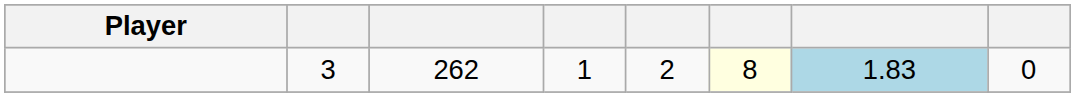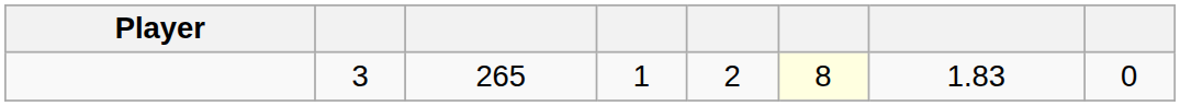 <table class="wikitable sortable" style="width:100%;">
 <tr style="text-align:center; background:#ddd;">
 <th>Player</th>
 <th></th>
 <th></th>
 <th></th>
 <th></th>
 <th></th>
 <th></th>
 <th></th>
 </tr>
 <tr align=center>
 <td></td>
 <td>3</td>
-<td>262</td>
+<td>265</td>
 <td>1</td>
 <td>2</td>
 <td style="background: lightyellow;">8</td>
-<td style="background: lightblue;">1.83</td>
+<td>1.83</td>
 <td>0</td>
 </tr>
 </table>
